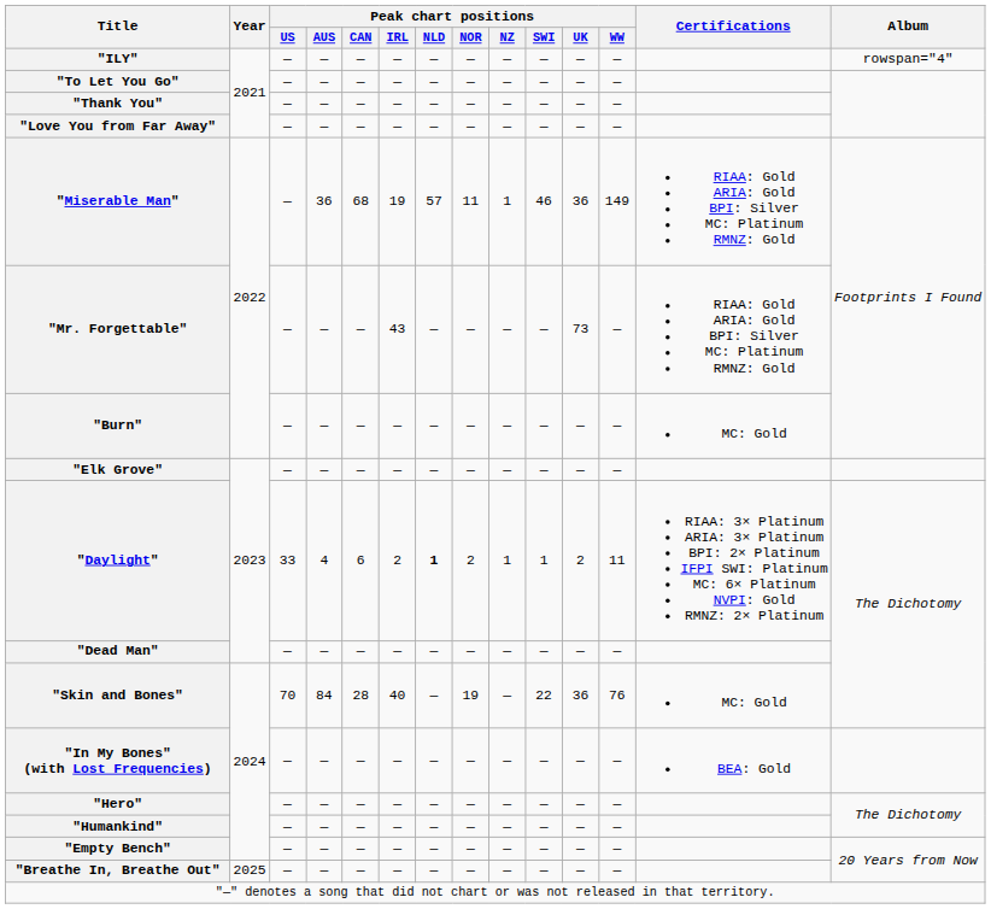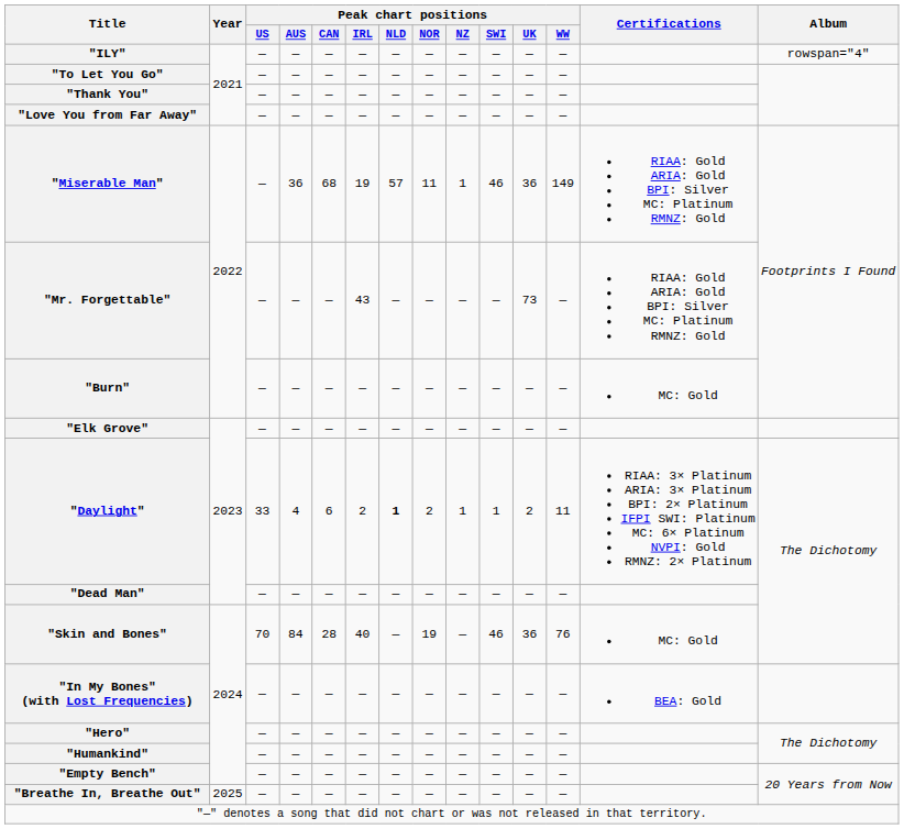 <table class="wikitable plainrowheaders" style="text-align:center;">
 <tr>
 <th scope="col" rowspan="2" style="width:16em;">Title</th>
 <th scope="col" rowspan="2">Year</th>
 <th scope="col" colspan="10">Peak chart positions</th>
 <th scope="col" rowspan="2"><a href='#'>Certifications</a></th>
 <th scope="col" rowspan="2">Album</th>
 </tr>
 <tr>
 <th scope="col" style="width:2.5em;font-size:90%;"><a href='#'>US</a><br></th>
 <th scope="col" style="width:2.5em;font-size:90%;"><a href='#'>AUS</a><br></th>
 <th scope="col" style="width:2.5em;font-size:90%;"><a href='#'>CAN</a><br></th>
 <th scope="col" style="width:2.5em;font-size:90%;"><a href='#'>IRL</a><br></th>
 <th scope="col" style="width:2.5em;font-size:90%;"><a href='#'>NLD</a><br></th>
 <th scope="col" style="width:2.5em;font-size:90%;"><a href='#'>NOR</a><br></th>
 <th scope="col" style="width:2.5em;font-size:90%;"><a href='#'>NZ</a><br></th>
 <th scope="col" style="width:2.5em;font-size:90%;"><a href='#'>SWI</a><br></th>
 <th scope="col" style="width:2.5em;font-size:90%;"><a href='#'>UK</a><br></th>
 <th scope="col" style="width:2.5em;font-size:90%;"><a href='#'>WW</a><br></th>
 </tr>
 <tr>
 <th scope="row">"ILY"</th>
 <td rowspan="4">2021</td>
 <td>—</td>
 <td>—</td>
 <td>—</td>
 <td>—</td>
 <td>—</td>
 <td>—</td>
 <td>—</td>
 <td>—</td>
 <td>—</td>
 <td>—</td>
 <td></td>
 <td>rowspan="4" </td>
 </tr>
 <tr>
 <th scope="row">"To Let You Go"</th>
 <td>—</td>
 <td>—</td>
 <td>—</td>
 <td>—</td>
 <td>—</td>
 <td>—</td>
 <td>—</td>
 <td>—</td>
 <td>—</td>
 <td>—</td>
 <td></td>
 </tr>
 <tr>
 <th scope="row">"Thank You"</th>
 <td>—</td>
 <td>—</td>
 <td>—</td>
 <td>—</td>
 <td>—</td>
 <td>—</td>
 <td>—</td>
 <td>—</td>
 <td>—</td>
 <td>—</td>
 <td></td>
 </tr>
 <tr>
 <th scope="row">"Love You from Far Away"</th>
 <td>—</td>
 <td>—</td>
 <td>—</td>
 <td>—</td>
 <td>—</td>
 <td>—</td>
 <td>—</td>
 <td>—</td>
 <td>—</td>
 <td>—</td>
 <td></td>
 </tr>
 <tr>
 <th scope="row">"<a href='#'>Miserable Man</a>"</th>
 <td rowspan="3">2022</td>
 <td>—</td>
 <td>36</td>
 <td>68</td>
 <td>19</td>
 <td>57</td>
 <td>11</td>
 <td>1</td>
 <td>46</td>
 <td>36</td>
 <td>149</td>
 <td><br><ul><li><a href='#'>RIAA</a>: Gold</li><li><a href='#'>ARIA</a>: Gold</li><li><a href='#'>BPI</a>: Silver</li><li>MC: Platinum</li><li><a href='#'>RMNZ</a>: Gold</li></ul></td>
 <td rowspan="3"><em>Footprints I Found</em></td>
 </tr>
 <tr>
 <th scope="row">"Mr. Forgettable"</th>
 <td>—</td>
 <td>—</td>
 <td>—</td>
 <td>43</td>
 <td>—</td>
 <td>—</td>
 <td>—</td>
 <td>—</td>
 <td>73</td>
 <td>—</td>
 <td><br><ul><li>RIAA: Gold</li><li>ARIA: Gold</li><li>BPI: Silver</li><li>MC: Platinum</li><li>RMNZ: Gold</li></ul></td>
 </tr>
 <tr>
 <th scope="row">"Burn"</th>
 <td>—</td>
 <td>—</td>
 <td>—</td>
 <td>—</td>
 <td>—</td>
 <td>—</td>
 <td>—</td>
 <td>—</td>
 <td>—</td>
 <td>—</td>
 <td><br><ul><li>MC: Gold</li></ul></td>
 </tr>
 <tr>
 <th scope="row">"Elk Grove"</th>
 <td rowspan="3">2023</td>
 <td>—</td>
 <td>—</td>
 <td>—</td>
 <td>—</td>
 <td>—</td>
 <td>—</td>
 <td>—</td>
 <td>—</td>
 <td>—</td>
 <td>—</td>
 <td></td>
 <td></td>
 </tr>
 <tr>
 <th scope="row">"<a href='#'>Daylight</a>"</th>
 <td>33</td>
 <td>4</td>
 <td>6</td>
 <td>2</td>
 <td><strong>1</strong></td>
 <td>2</td>
 <td>1</td>
 <td>1</td>
 <td>2</td>
 <td>11</td>
 <td><br><ul><li>RIAA: 3× Platinum</li><li>ARIA: 3× Platinum</li><li>BPI: 2× Platinum</li><li><a href='#'>IFPI</a> SWI: Platinum</li><li>MC: 6× Platinum</li><li><a href='#'>NVPI</a>: Gold</li><li>RMNZ: 2× Platinum</li></ul></td>
 <td rowspan="3"><em>The Dichotomy</em></td>
 </tr>
 <tr>
 <th scope="row">"Dead Man"</th>
 <td>—</td>
 <td>—</td>
 <td>—</td>
 <td>—</td>
 <td>—</td>
 <td>—</td>
 <td>—</td>
 <td>—</td>
 <td>—</td>
 <td>—</td>
 <td></td>
 </tr>
 <tr>
 <th scope="row">"Skin and Bones"</th>
 <td rowspan="5">2024</td>
 <td>70</td>
 <td>84</td>
 <td>28</td>
 <td>40</td>
 <td>—</td>
 <td>19</td>
 <td>—</td>
-<td>22</td>
+<td>46</td>
 <td>36</td>
 <td>76</td>
 <td><br><ul><li>MC: Gold</li></ul></td>
 </tr>
 <tr>
 <th scope="row">"In My Bones"<br><span>(with <a href='#'>Lost Frequencies</a>)</span></th>
 <td>—</td>
 <td>—</td>
 <td>—</td>
 <td>—</td>
 <td>—</td>
 <td>—</td>
 <td>—</td>
 <td>—</td>
 <td>—</td>
 <td>—</td>
 <td><br><ul><li><a href='#'>BEA</a>: Gold</li></ul></td>
 <td></td>
 </tr>
 <tr>
 <th scope="row">"Hero"</th>
 <td>—</td>
 <td>—</td>
 <td>—</td>
 <td>—</td>
 <td>—</td>
 <td>—</td>
 <td>—</td>
 <td>—</td>
 <td>—</td>
 <td>—</td>
 <td></td>
 <td rowspan="2"><em>The Dichotomy</em></td>
 </tr>
 <tr>
 <th scope="row">"Humankind"</th>
 <td>—</td>
 <td>—</td>
 <td>—</td>
 <td>—</td>
 <td>—</td>
 <td>—</td>
 <td>—</td>
 <td>—</td>
 <td>—</td>
 <td>—</td>
 <td></td>
 </tr>
 <tr>
 <th scope="row">"Empty Bench"</th>
 <td>—</td>
 <td>—</td>
 <td>—</td>
 <td>—</td>
 <td>—</td>
 <td>—</td>
 <td>—</td>
 <td>—</td>
 <td>—</td>
 <td>—</td>
 <td></td>
 <td rowspan="2"><em>20 Years from Now</em></td>
 </tr>
 <tr>
 <th scope="row">"Breathe In, Breathe Out"</th>
 <td>2025</td>
 <td>—</td>
 <td>—</td>
 <td>—</td>
 <td>—</td>
 <td>—</td>
 <td>—</td>
 <td>—</td>
 <td>—</td>
 <td>—</td>
 <td>—</td>
 <td></td>
 </tr>
 <tr>
 <td colspan="14" style="font-size:90%">"—" denotes a song that did not chart or was not released in that territory.</td>
 </tr>
 </table>
